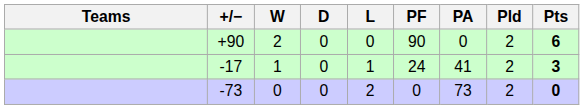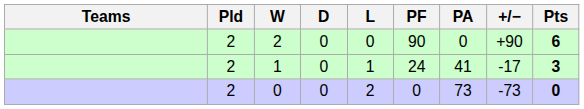 <table class="wikitable" style="text-align:center;">
 <tr>
 <th width="200">Teams</th>
-<th width="40">+/−</th>
+<th width="40">Pld</th>
 <th width="40">W</th>
 <th width="40">D</th>
 <th width="40">L</th>
 <th width="40">PF</th>
 <th width="40">PA</th>
-<th width="40">Pld</th>
+<th width="40">+/−</th>
 <th width="40">Pts</th>
 </tr>
 <tr bgcolor=ccffcc>
 <td align=left></td>
-<td>+90</td>
+<td>2</td>
 <td>2</td>
 <td>0</td>
 <td>0</td>
 <td>90</td>
 <td>0</td>
-<td>2</td>
+<td>+90</td>
 <td><strong>6</strong></td>
 </tr>
 <tr bgcolor=ccffcc>
 <td align=left></td>
-<td>-17</td>
+<td>2</td>
 <td>1</td>
 <td>0</td>
 <td>1</td>
 <td>24</td>
 <td>41</td>
-<td>2</td>
+<td>-17</td>
 <td><strong>3</strong></td>
 </tr>
 <tr bgcolor=ccccff>
 <td align=left></td>
-<td>-73</td>
+<td>2</td>
 <td>0</td>
 <td>0</td>
 <td>2</td>
 <td>0</td>
 <td>73</td>
-<td>2</td>
+<td>-73</td>
 <td><strong>0</strong></td>
 </tr>
 </table>
